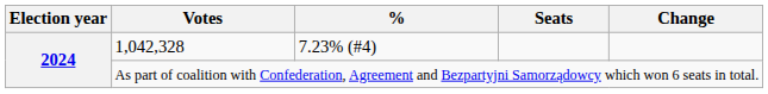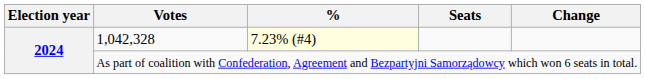 <table class="wikitable">
 <tr>
 <th>Election year</th>
 <th>Votes</th>
 <th>%</th>
 <th>Seats</th>
 <th>Change</th>
 </tr>
 <tr>
 <th rowspan=2><a href='#'>2024</a></th>
 <td>1,042,328</td>
-<td>7.23% (#4)</td>
+<td style="background: lightyellow;">7.23% (#4)</td>
 <td></td>
 <td></td>
 </tr>
 <tr>
 <td colspan="4"><small>As part of coalition with <a href='#'>Confederation</a>, <a href='#'>Agreement</a> and <a href='#'>Bezpartyjni Samorządowcy</a> which won 6 seats in total.</small></td>
 </tr>
 </table>
